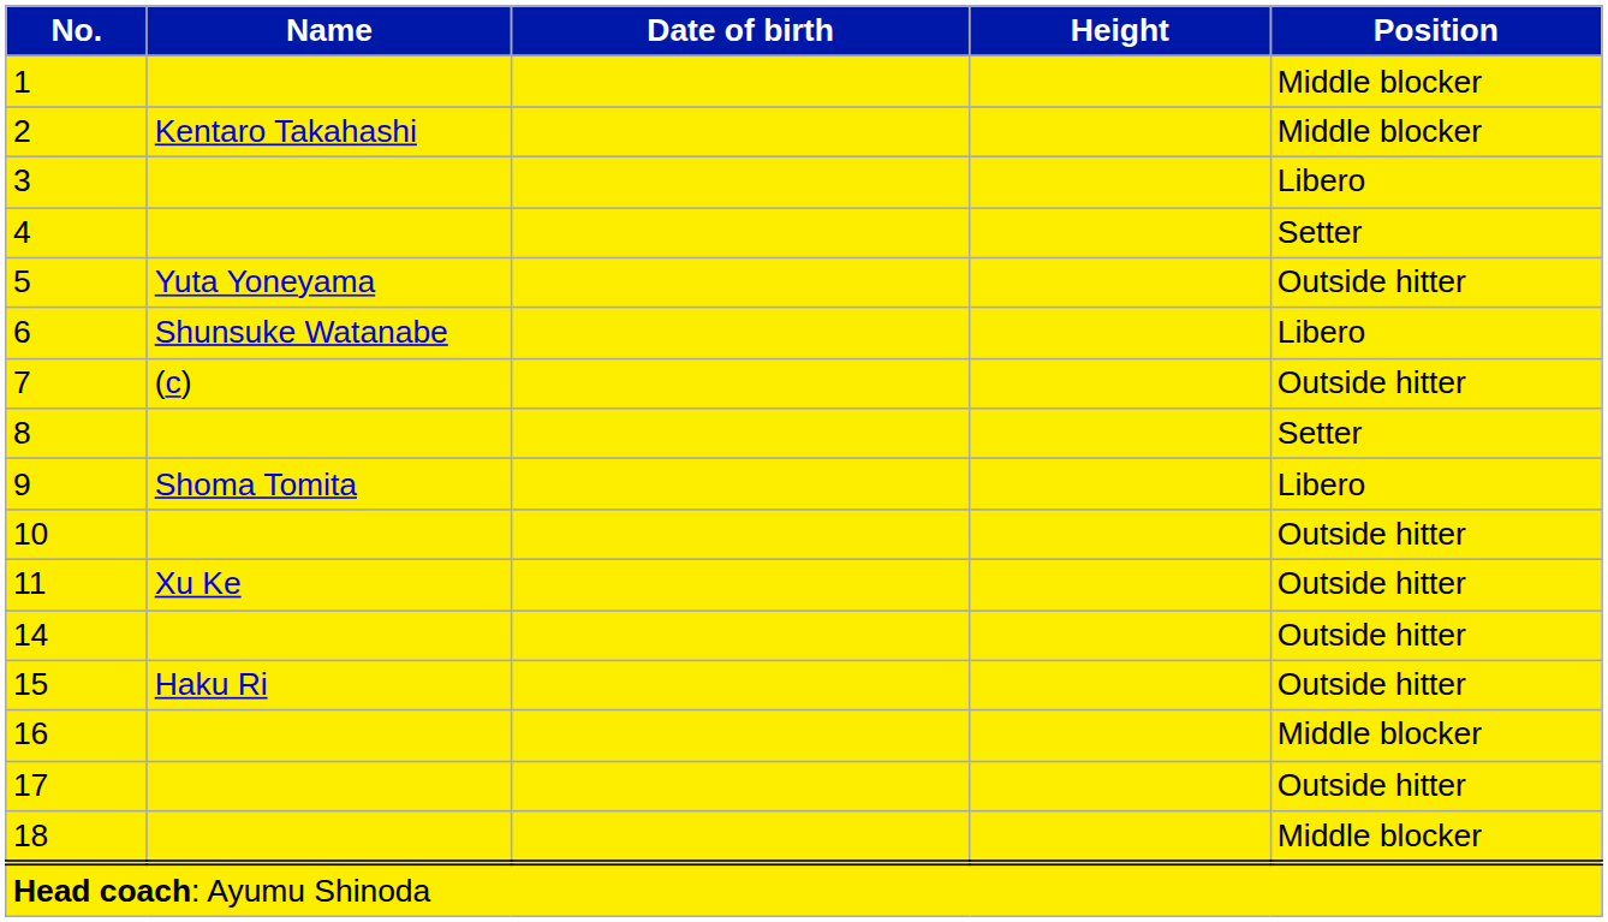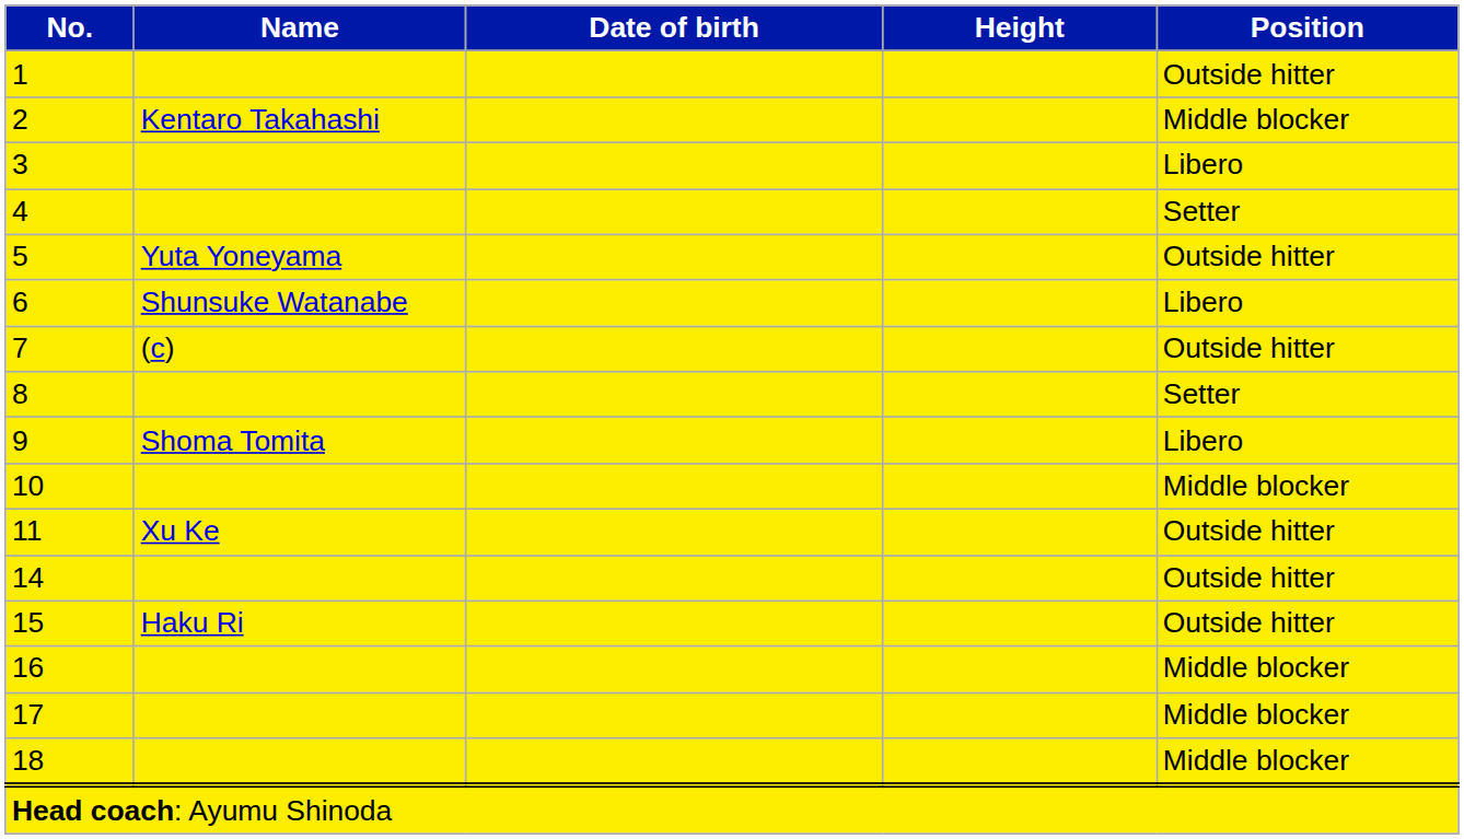 <table class="wikitable" style="font-size:">
 <tr>
 <th style="width:4em; color:#FFFFFF; background-color:#0018A8">No.</th>
 <th style="width:11em; color:#FFFFFF; background-color:#0018A8">Name</th>
 <th style="width:14em; color:#FFFFFF; background-color:#0018A8">Date of birth</th>
 <th style="width:9em; color:#FFFFFF; background-color:#0018A8">Height</th>
 <th style="width:10em; color:#FFFFFF; background-color:#0018A8">Position</th>
 </tr>
 <tr bgcolor=#FDEE00>
 <td>1</td>
 <td align=left></td>
 <td align=right></td>
 <td align=right></td>
-<td>Middle blocker</td>
+<td>Outside hitter</td>
 </tr>
 <tr bgcolor=#FDEE00>
 <td>2</td>
 <td align=left><a href='#'>Kentaro Takahashi</a></td>
 <td align=right></td>
 <td align=right></td>
 <td>Middle blocker</td>
 </tr>
 <tr bgcolor=#FDEE00>
 <td>3</td>
 <td align=left></td>
 <td align=right></td>
 <td align=right></td>
 <td>Libero</td>
 </tr>
 <tr bgcolor=#FDEE00>
 <td>4</td>
 <td align=left></td>
 <td align=right></td>
 <td align=right></td>
 <td>Setter</td>
 </tr>
 <tr bgcolor=#FDEE00>
 <td>5</td>
 <td align=left><a href='#'>Yuta Yoneyama</a></td>
 <td align=right></td>
 <td align=right></td>
 <td>Outside hitter</td>
 </tr>
 <tr bgcolor=#FDEE00>
 <td>6</td>
 <td align=left><a href='#'>Shunsuke Watanabe</a></td>
 <td align=right></td>
 <td align=right></td>
 <td>Libero</td>
 </tr>
 <tr bgcolor=#FDEE00>
 <td>7</td>
 <td align=left> (<a href='#'>c</a>)</td>
 <td align=right></td>
 <td align=right></td>
 <td>Outside hitter</td>
 </tr>
 <tr bgcolor=#FDEE00>
 <td>8</td>
 <td align=left></td>
 <td align=right></td>
 <td align=right></td>
 <td>Setter</td>
 </tr>
 <tr bgcolor=#FDEE00>
 <td>9</td>
 <td align=left><a href='#'>Shoma Tomita</a></td>
 <td align=right></td>
 <td align=right></td>
 <td>Libero</td>
 </tr>
 <tr bgcolor=#FDEE00>
 <td>10</td>
 <td align=left></td>
 <td align=right></td>
 <td align=right></td>
-<td>Outside hitter</td>
+<td>Middle blocker</td>
 </tr>
 <tr bgcolor=#FDEE00>
 <td>11</td>
 <td align=left> <a href='#'>Xu Ke</a></td>
 <td align=right></td>
 <td align=right></td>
 <td>Outside hitter</td>
 </tr>
 <tr bgcolor=#FDEE00>
 <td>14</td>
 <td align=left> </td>
 <td align=right></td>
 <td align=right></td>
 <td>Outside hitter</td>
 </tr>
 <tr bgcolor=#FDEE00>
 <td>15</td>
 <td align=left><a href='#'>Haku Ri</a></td>
 <td align=right></td>
 <td align=right></td>
 <td>Outside hitter</td>
 </tr>
 <tr bgcolor=#FDEE00>
 <td>16</td>
 <td align=left></td>
 <td align=right></td>
 <td align=right></td>
 <td>Middle blocker</td>
 </tr>
 <tr bgcolor=#FDEE00>
 <td>17</td>
 <td align=left></td>
 <td align=right></td>
 <td align=right></td>
-<td>Outside hitter</td>
+<td>Middle blocker</td>
 </tr>
 <tr bgcolor=#FDEE00>
 <td>18</td>
 <td align=left></td>
 <td align=right></td>
 <td align=right></td>
 <td>Middle blocker</td>
 </tr>
 <tr bgcolor=#FDEE00>
 <td style="border-top:double;"colspan=5><strong>Head coach</strong>:  Ayumu Shinoda</td>
 </tr>
 </table>
